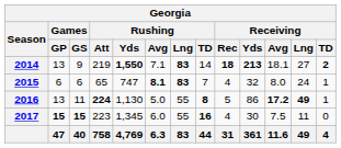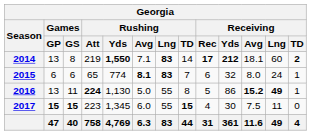 <table class="wikitable" style="text-align:center;">
 <tr>
 <th colspan="13">Georgia</th>
 </tr>
 <tr>
 <th rowspan="2">Season</th>
 <th colspan="2">Games</th>
 <th colspan="5">Rushing</th>
 <th colspan="5">Receiving</th>
 </tr>
 <tr>
 <th>GP</th>
 <th>GS</th>
 <th>Att</th>
 <th>Yds</th>
 <th>Avg</th>
 <th>Lng</th>
 <th>TD</th>
 <th>Rec</th>
 <th>Yds</th>
 <th>Avg</th>
 <th>Lng</th>
 <th>TD</th>
 </tr>
 <tr>
 <th><a href='#'>2014</a></th>
 <td>13</td>
-<td>9</td>
+<td>8</td>
 <td>219</td>
 <td><strong>1,550</strong></td>
 <td>7.1</td>
 <td><strong>83</strong></td>
 <td>14</td>
-<td><strong>18</strong></td>
-<td><strong>213</strong></td>
+<td><strong>17</strong></td>
+<td><strong>212</strong></td>
 <td>18.1</td>
-<td>27</td>
+<td>60</td>
 <td><strong>2</strong></td>
 </tr>
 <tr>
 <th><a href='#'>2015</a></th>
 <td>6</td>
 <td>6</td>
 <td>65</td>
-<td>747</td>
+<td>774</td>
 <td><strong>8.1</strong></td>
 <td><strong>83</strong></td>
 <td>7</td>
-<td>4</td>
+<td>6</td>
 <td>32</td>
 <td>8.0</td>
 <td>24</td>
 <td>1</td>
 </tr>
 <tr>
 <th><a href='#'>2016</a></th>
 <td>13</td>
 <td>11</td>
 <td><strong>224</strong></td>
 <td>1,130</td>
 <td>5.0</td>
 <td>55</td>
-<td><strong>8</strong></td>
+<td>8</td>
 <td>5</td>
 <td>86</td>
-<td><strong>17.2</strong></td>
+<td><strong>15.2</strong></td>
 <td><strong>49</strong></td>
 <td>1</td>
 </tr>
 <tr>
 <th><a href='#'>2017</a></th>
 <td><strong>15</strong></td>
 <td><strong>15</strong></td>
 <td>223</td>
 <td>1,345</td>
 <td>6.0</td>
 <td>55</td>
-<td><strong>16</strong></td>
+<td><strong>15</strong></td>
 <td>4</td>
 <td>30</td>
 <td>7.5</td>
 <td>11</td>
 <td>0</td>
 </tr>
 <tr>
 <th></th>
 <th>47</th>
 <th>40</th>
 <th>758</th>
 <th>4,769</th>
 <th>6.3</th>
 <th>83</th>
 <th>44</th>
 <th>31</th>
 <th>361</th>
 <th>11.6</th>
 <th>49</th>
 <th>4</th>
 </tr>
 </table>
